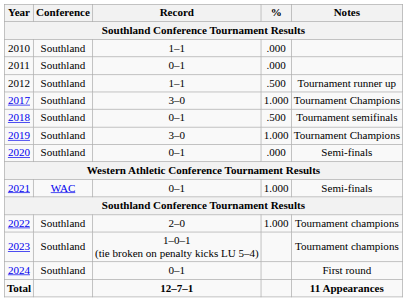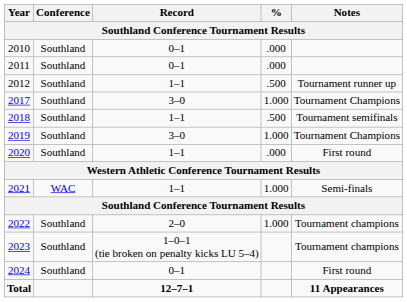 <table class="wikitable">
 <tr>
 <th>Year</th>
 <th>Conference</th>
 <th>Record</th>
 <th>%</th>
 <th>Notes</th>
 </tr>
 <tr>
 <th colspan=5>Southland Conference Tournament Results</th>
 </tr>
 <tr style="text-align:center;">
 <td>2010</td>
 <td>Southland</td>
-<td>1–1</td>
+<td>0–1</td>
 <td>.000</td>
 <td></td>
 </tr>
 <tr style="text-align:center;">
 <td>2011</td>
 <td>Southland</td>
 <td>0–1</td>
 <td>.000</td>
 <td></td>
 </tr>
 <tr style="text-align:center;">
 <td>2012</td>
 <td>Southland</td>
 <td>1–1</td>
 <td>.500</td>
 <td>Tournament runner up</td>
 </tr>
 <tr style="text-align:center;">
 <td><a href='#'>2017</a></td>
 <td>Southland</td>
 <td>3–0</td>
 <td>1.000</td>
 <td>Tournament Champions</td>
 </tr>
 <tr style="text-align:center;">
 <td><a href='#'>2018</a></td>
 <td>Southland</td>
-<td>0–1</td>
+<td>1–1</td>
 <td>.500</td>
 <td>Tournament semifinals</td>
 </tr>
 <tr style="text-align:center;">
 <td><a href='#'>2019</a></td>
 <td>Southland</td>
 <td>3–0</td>
 <td>1.000</td>
 <td>Tournament Champions</td>
 </tr>
 <tr style="text-align:center;">
 <td><a href='#'>2020</a></td>
 <td>Southland</td>
-<td>0–1</td>
+<td>1–1</td>
 <td>.000</td>
-<td>Semi-finals</td>
+<td>First round</td>
 </tr>
 <tr>
 <th colspan=5>Western Athletic Conference Tournament Results</th>
 </tr>
 <tr style="text-align:center;">
 <td><a href='#'>2021</a></td>
 <td><a href='#'>WAC</a></td>
-<td>0–1</td>
+<td>1–1</td>
 <td>1.000</td>
 <td>Semi-finals</td>
 </tr>
 <tr>
 <th colspan=5>Southland Conference Tournament Results</th>
 </tr>
 <tr style="text-align:center;">
 <td><a href='#'>2022</a></td>
 <td>Southland</td>
 <td>2–0</td>
 <td>1.000</td>
 <td>Tournament champions</td>
 </tr>
 <tr style="text-align:center;">
 <td><a href='#'>2023</a></td>
 <td>Southland</td>
 <td>1–0–1<br>(tie broken on penalty kicks LU 5–4)</td>
 <td></td>
 <td>Tournament champions</td>
 </tr>
 <tr style="text-align:center;">
 <td><a href='#'>2024</a></td>
 <td>Southland</td>
 <td>0–1</td>
 <td></td>
 <td>First round</td>
 </tr>
 <tr style="text-align:center;">
 <td><strong>Total</strong></td>
 <td></td>
 <td><strong>12–7–1</strong></td>
 <td><strong></strong></td>
 <td><strong>11 Appearances</strong></td>
 </tr>
 </table>
